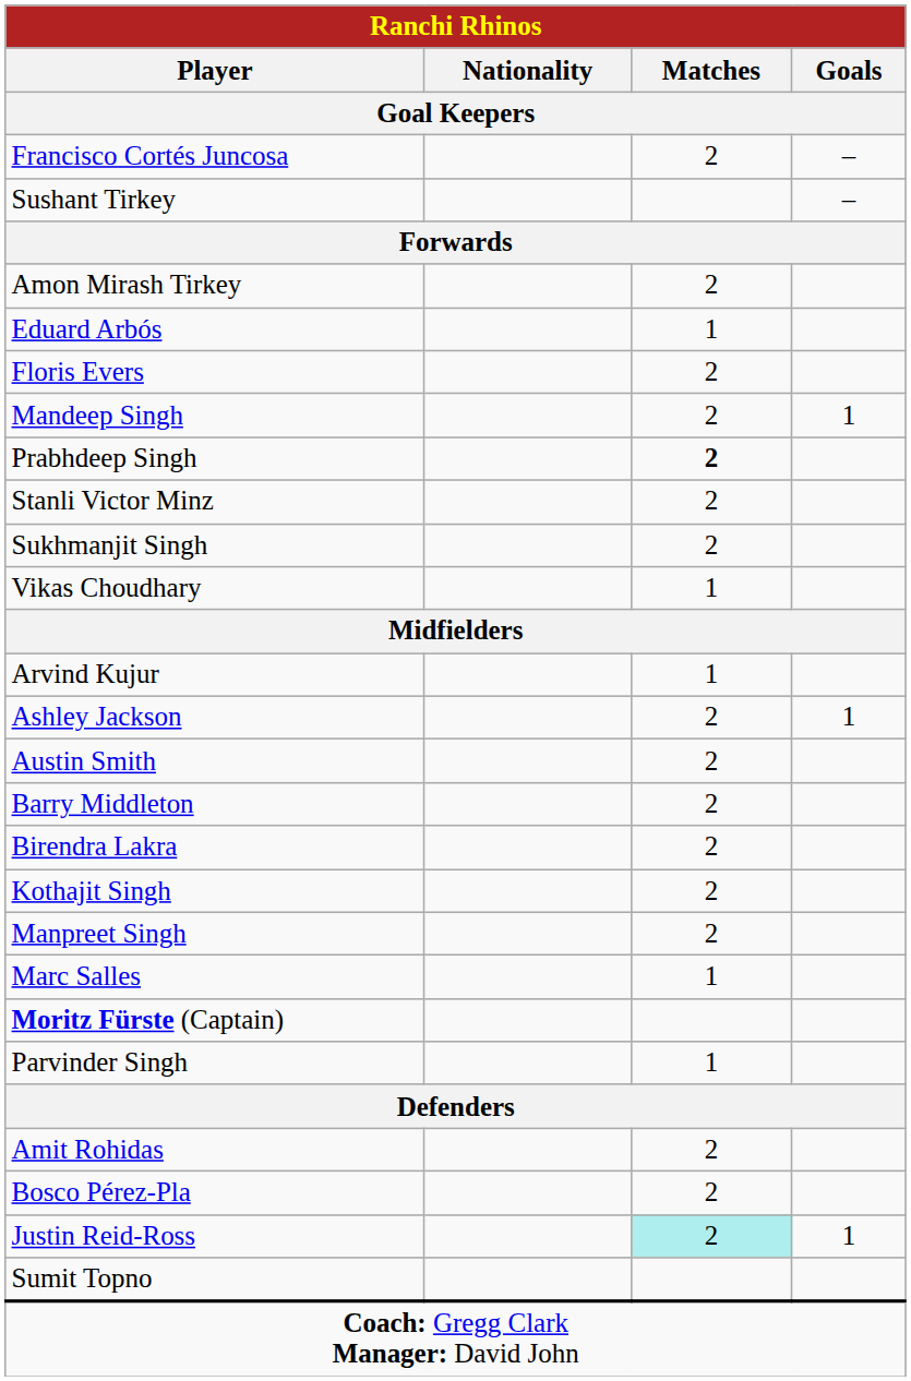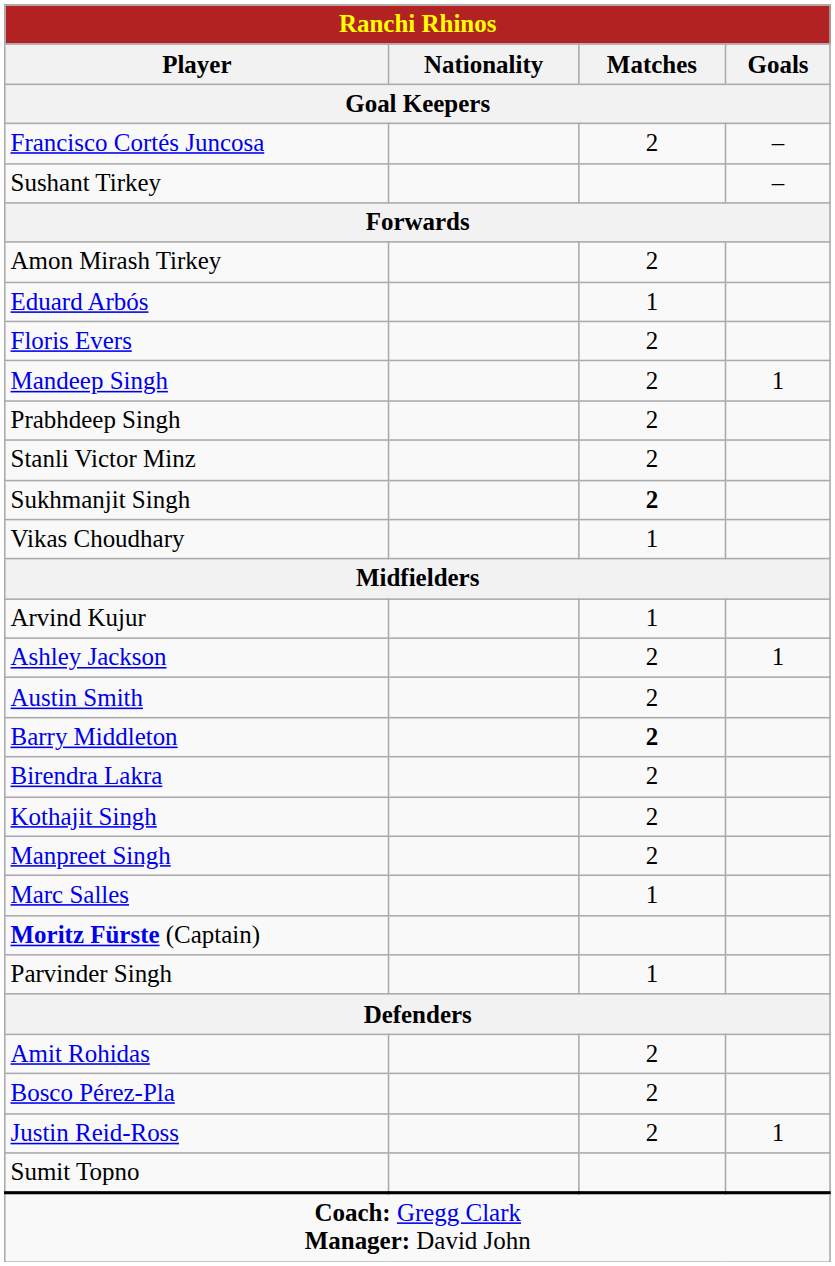 <table class="wikitable" style="width:60%;text-align:center;">
 <tr>
 <th colspan="4" style="background: #B22222; color:#FFFF00">Ranchi Rhinos</th>
 </tr>
 <tr>
 <th>Player</th>
 <th>Nationality</th>
 <th>Matches</th>
 <th>Goals</th>
 </tr>
 <tr>
 <th colspan="4">Goal Keepers</th>
 </tr>
 <tr>
 <td style="text-align:left"><a href='#'>Francisco Cortés Juncosa</a></td>
 <td style="text-align:left"></td>
 <td>2</td>
 <td>–</td>
 </tr>
 <tr>
 <td style="text-align:left">Sushant Tirkey</td>
 <td style="text-align:left"></td>
 <td></td>
 <td>–</td>
 </tr>
 <tr>
 <th colspan="4">Forwards</th>
 </tr>
 <tr>
 <td style="text-align:left">Amon Mirash Tirkey</td>
 <td style="text-align:left"></td>
 <td>2</td>
 <td></td>
 </tr>
 <tr>
 <td style="text-align:left"><a href='#'>Eduard Arbós</a></td>
 <td style="text-align:left"></td>
 <td>1</td>
 <td></td>
 </tr>
 <tr>
 <td style="text-align:left"><a href='#'>Floris Evers</a></td>
 <td style="text-align:left"></td>
 <td>2</td>
 <td></td>
 </tr>
 <tr>
 <td style="text-align:left"><a href='#'>Mandeep Singh</a></td>
 <td style="text-align:left"></td>
 <td>2</td>
 <td>1</td>
 </tr>
 <tr>
 <td style="text-align:left">Prabhdeep Singh</td>
 <td style="text-align:left"></td>
-<td><strong>2</strong></td>
+<td>2</td>
 <td></td>
 </tr>
 <tr>
 <td style="text-align:left">Stanli Victor Minz</td>
 <td style="text-align:left"></td>
 <td>2</td>
 <td></td>
 </tr>
 <tr>
 <td style="text-align:left">Sukhmanjit Singh</td>
 <td style="text-align:left"></td>
-<td>2</td>
+<td><strong>2</strong></td>
 <td></td>
 </tr>
 <tr>
 <td style="text-align:left">Vikas Choudhary</td>
 <td style="text-align:left"></td>
 <td>1</td>
 <td></td>
 </tr>
 <tr>
 <th colspan="4">Midfielders</th>
 </tr>
 <tr>
 <td style="text-align:left">Arvind Kujur</td>
 <td style="text-align:left"></td>
 <td>1</td>
 <td></td>
 </tr>
 <tr>
 <td style="text-align:left"><a href='#'>Ashley Jackson</a></td>
 <td style="text-align:left"></td>
 <td>2</td>
 <td>1</td>
 </tr>
 <tr>
 <td style="text-align:left"><a href='#'>Austin Smith</a></td>
 <td style="text-align:left"></td>
 <td>2</td>
 <td></td>
 </tr>
 <tr>
 <td style="text-align:left"><a href='#'>Barry Middleton</a></td>
 <td style="text-align:left"></td>
-<td>2</td>
+<td><strong>2</strong></td>
 <td></td>
 </tr>
 <tr>
 <td style="text-align:left"><a href='#'>Birendra Lakra</a></td>
 <td style="text-align:left"></td>
 <td>2</td>
 <td></td>
 </tr>
 <tr>
 <td style="text-align:left"><a href='#'>Kothajit Singh</a></td>
 <td style="text-align:left"></td>
 <td>2</td>
 <td></td>
 </tr>
 <tr>
 <td style="text-align:left"><a href='#'>Manpreet Singh</a></td>
 <td style="text-align:left"></td>
 <td>2</td>
 <td></td>
 </tr>
 <tr>
 <td style="text-align:left"><a href='#'>Marc Salles</a></td>
 <td style="text-align:left"></td>
 <td>1</td>
 <td></td>
 </tr>
 <tr>
 <td style="text-align:left"><strong><a href='#'>Moritz Fürste</a></strong> (Captain)</td>
 <td style="text-align:left"></td>
 <td></td>
 <td></td>
 </tr>
 <tr>
 <td style="text-align:left">Parvinder Singh</td>
 <td style="text-align:left"></td>
 <td>1</td>
 <td></td>
 </tr>
 <tr>
 <th colspan="4">Defenders</th>
 </tr>
 <tr>
 <td style="text-align:left"><a href='#'>Amit Rohidas</a></td>
 <td style="text-align:left"></td>
 <td>2</td>
 <td></td>
 </tr>
 <tr>
 <td style="text-align:left"><a href='#'>Bosco Pérez-Pla</a></td>
 <td style="text-align:left"></td>
 <td>2</td>
 <td></td>
 </tr>
 <tr>
 <td style="text-align:left"><a href='#'>Justin Reid-Ross</a></td>
 <td style="text-align:left"></td>
-<td style="background: paleturquoise;">2</td>
+<td>2</td>
 <td>1</td>
 </tr>
 <tr>
 <td style="text-align:left">Sumit Topno</td>
 <td style="text-align:left"></td>
 <td></td>
 <td></td>
 </tr>
 <tr style="border-top:2px solid black;">
 <td colspan="7"><strong>Coach:</strong> <a href='#'>Gregg Clark</a> <br> <strong>Manager:</strong> David John</td>
 </tr>
 </table>
